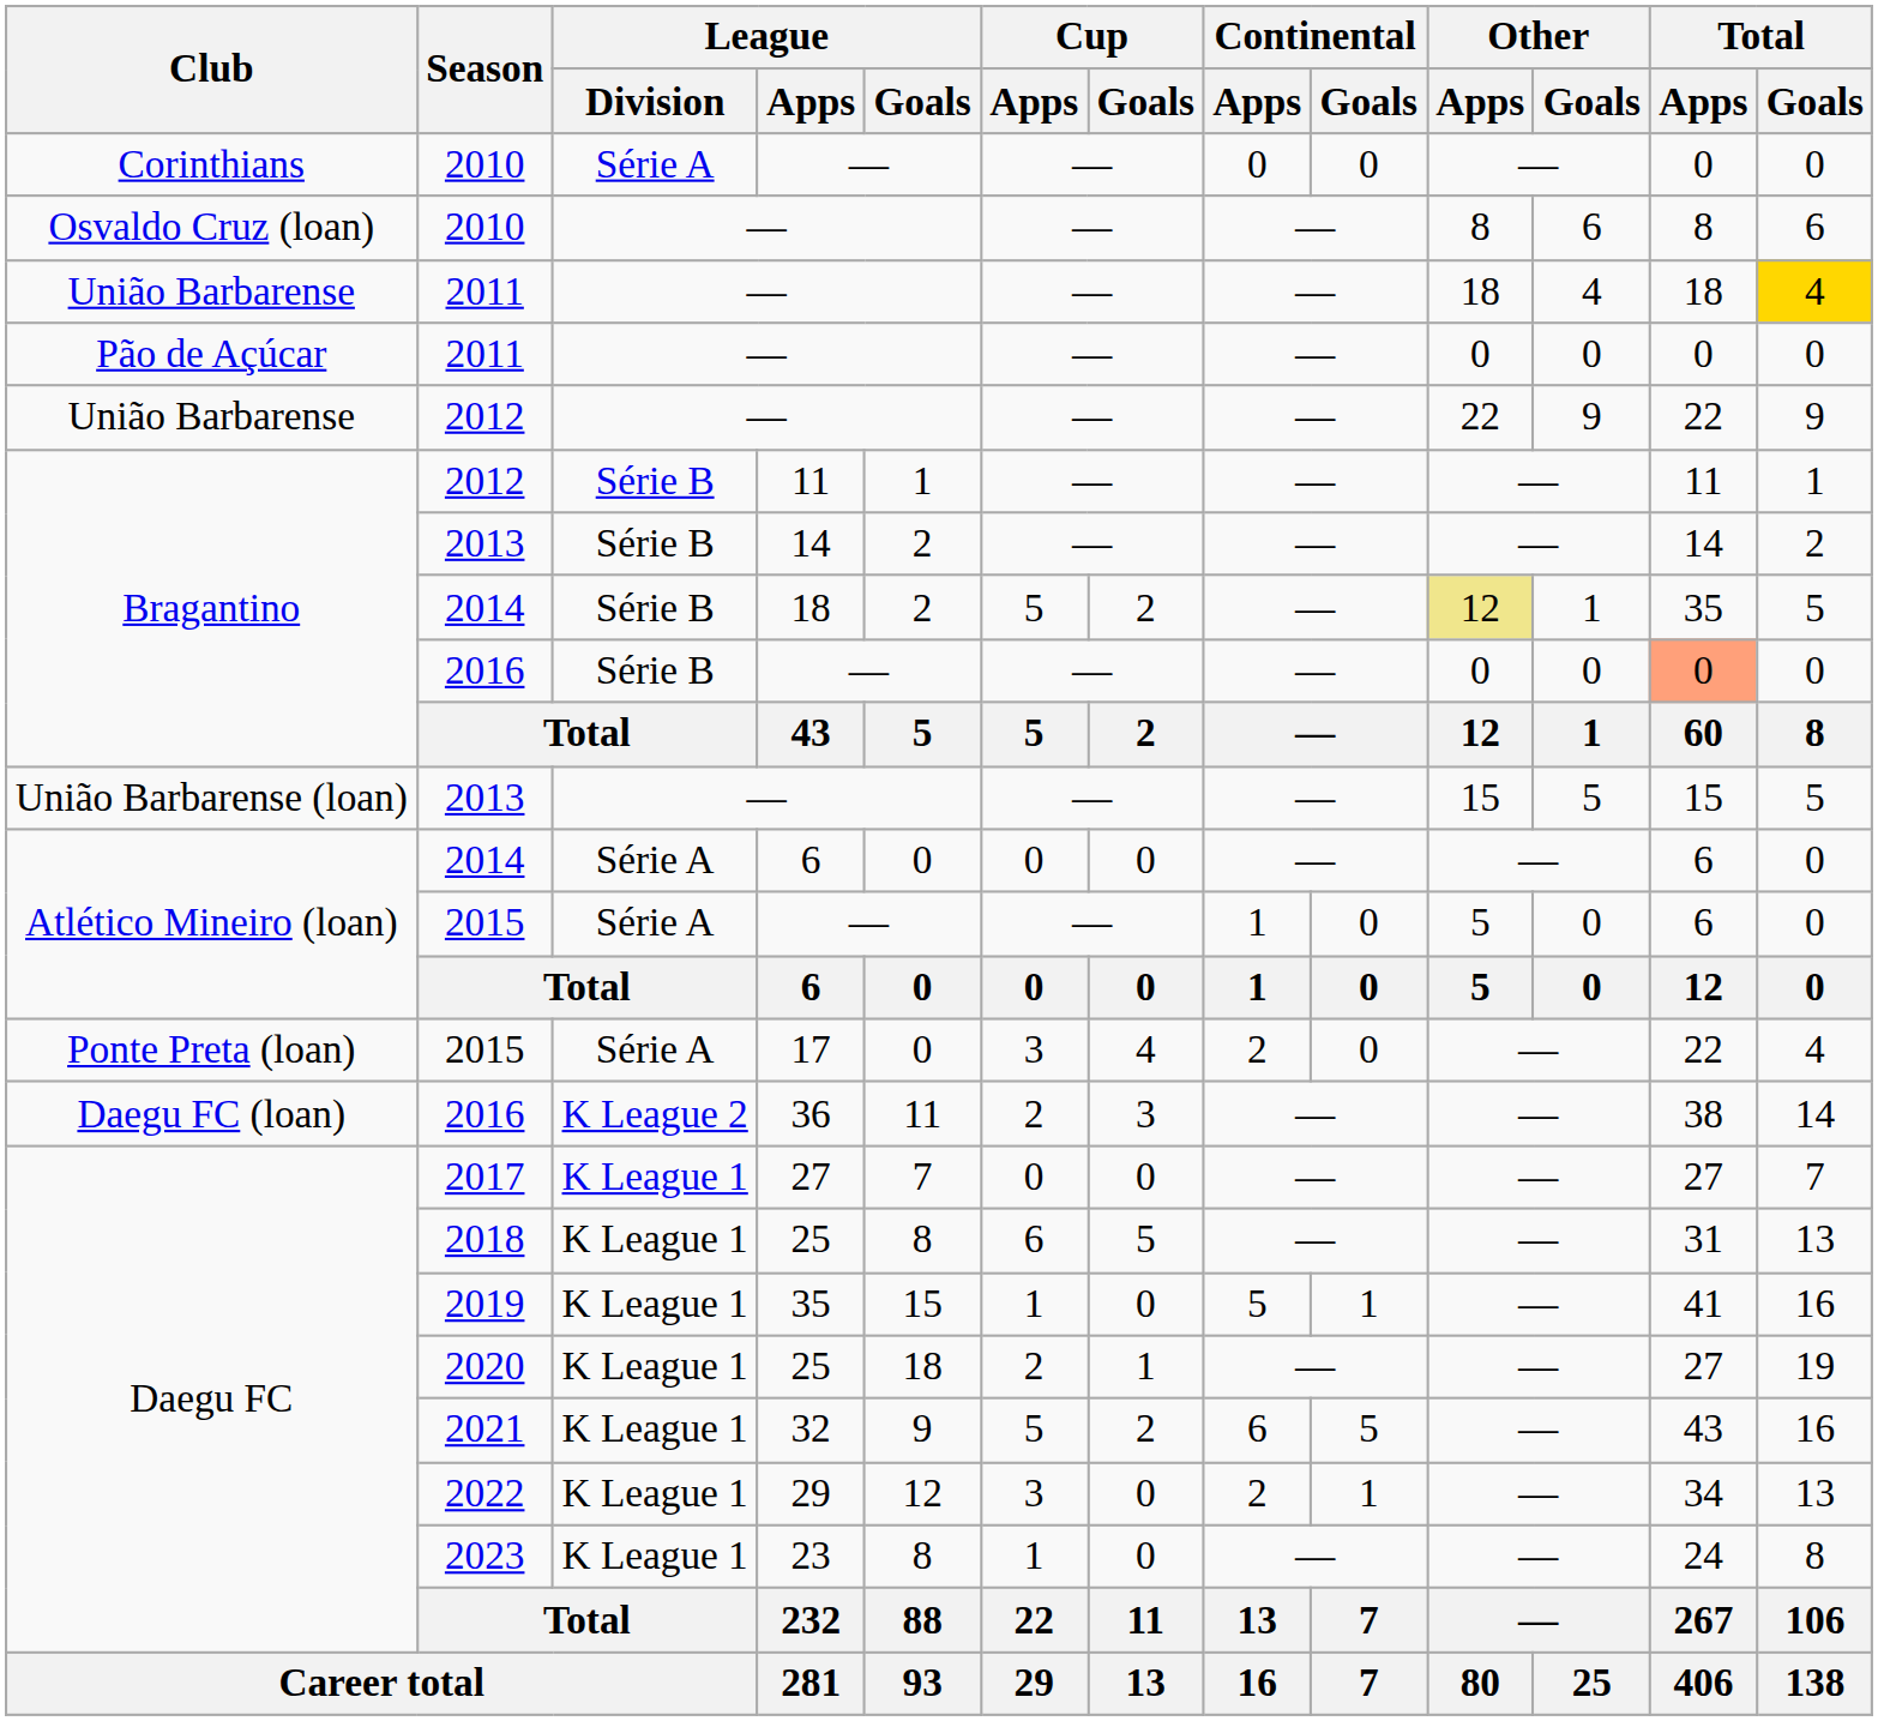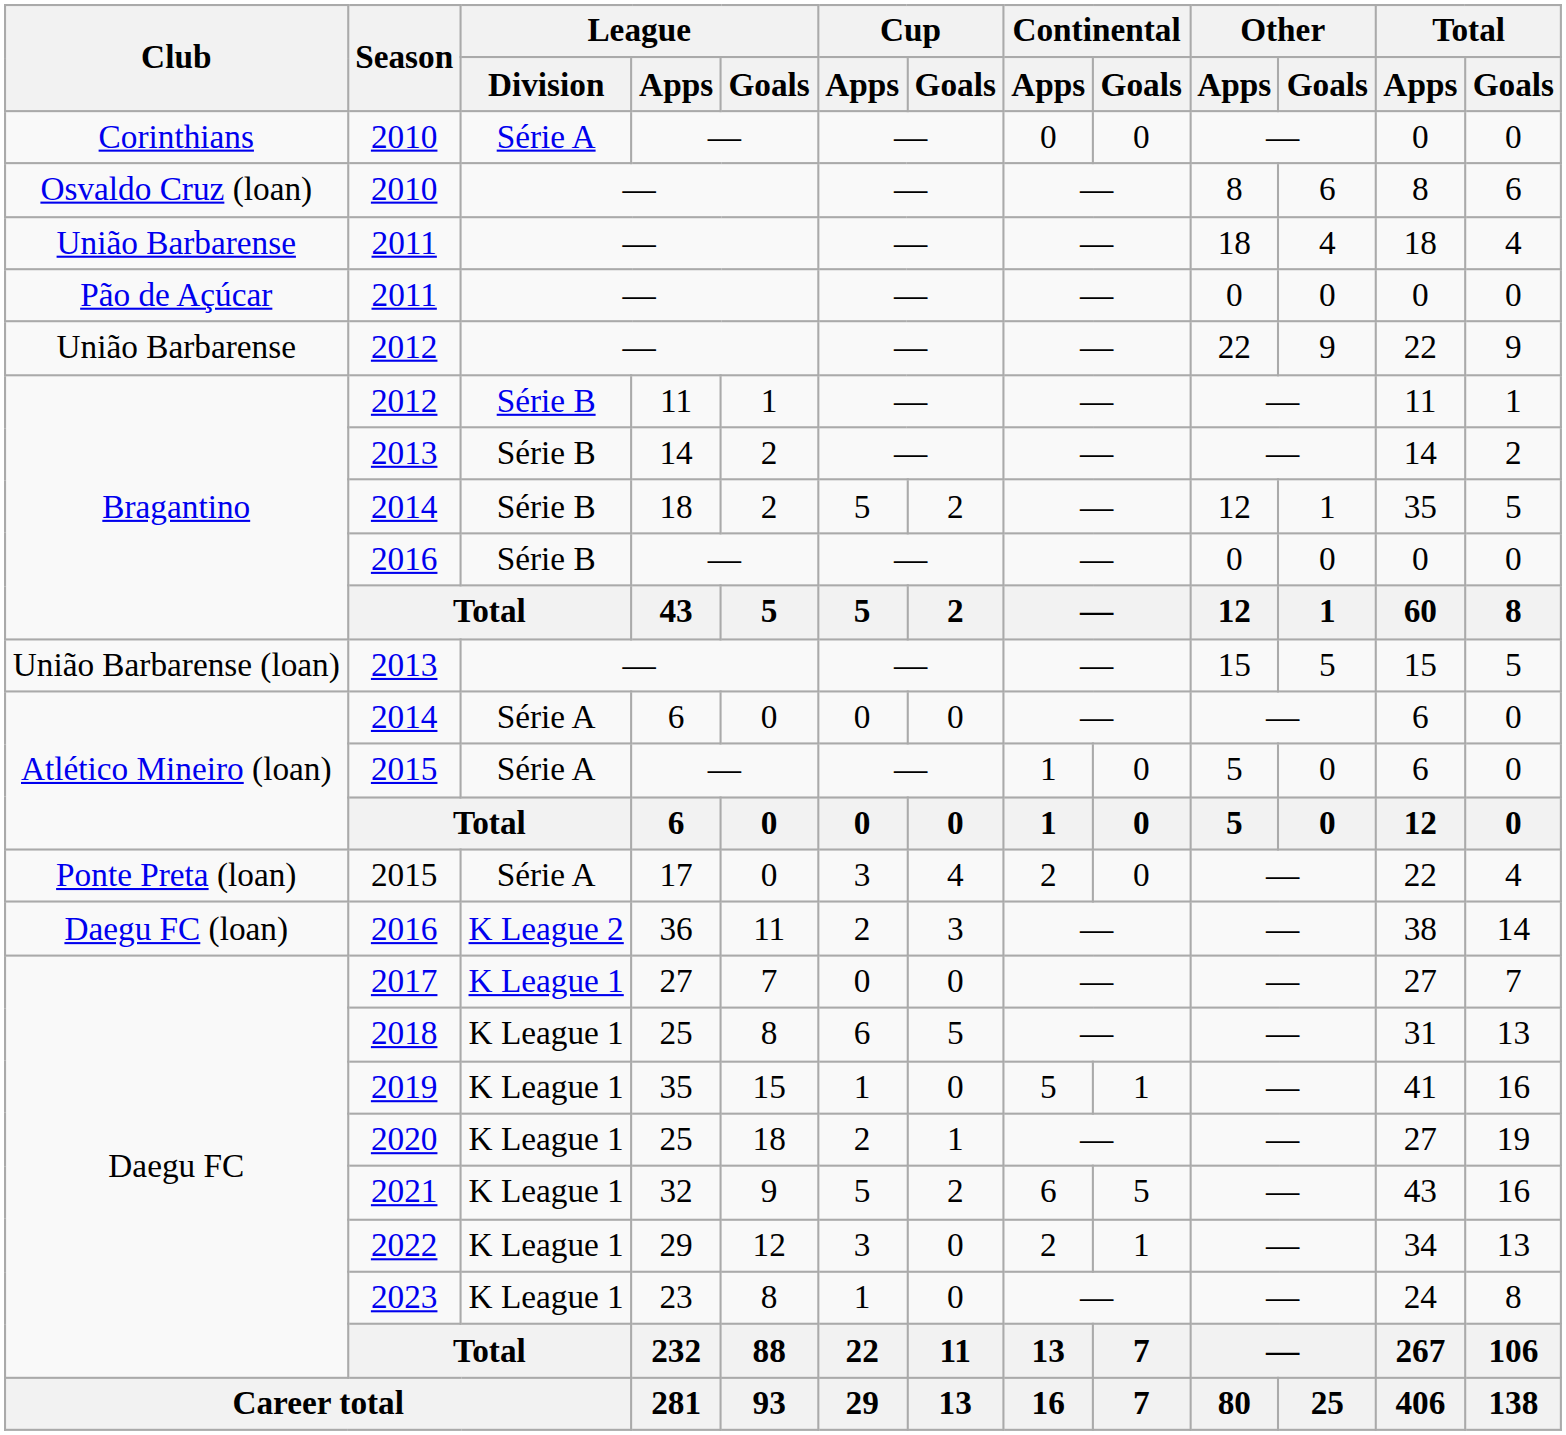 <table class="wikitable" style="text-align:center">
 <tr>
 <th rowspan="2">Club</th>
 <th rowspan="2">Season</th>
 <th colspan="3">League</th>
 <th colspan="2">Cup</th>
 <th colspan="2">Continental</th>
 <th colspan="2">Other</th>
 <th colspan="2">Total</th>
 </tr>
 <tr>
 <th>Division</th>
 <th>Apps</th>
 <th>Goals</th>
 <th>Apps</th>
 <th>Goals</th>
 <th>Apps</th>
 <th>Goals</th>
 <th>Apps</th>
 <th>Goals</th>
 <th>Apps</th>
 <th>Goals</th>
 </tr>
 <tr>
 <td><a href='#'>Corinthians</a></td>
 <td><a href='#'>2010</a></td>
 <td><a href='#'>Série A</a></td>
 <td colspan="2">—</td>
 <td colspan="2">—</td>
 <td>0</td>
 <td>0</td>
 <td colspan="2">—</td>
 <td>0</td>
 <td>0</td>
 </tr>
 <tr>
 <td><a href='#'>Osvaldo Cruz</a> (loan)</td>
 <td><a href='#'>2010</a></td>
 <td colspan="3">—</td>
 <td colspan="2">—</td>
 <td colspan="2">—</td>
 <td>8</td>
 <td>6</td>
 <td>8</td>
 <td>6</td>
 </tr>
 <tr>
 <td><a href='#'>União Barbarense</a></td>
 <td><a href='#'>2011</a></td>
 <td colspan="3">—</td>
 <td colspan="2">—</td>
 <td colspan="2">—</td>
 <td>18</td>
 <td>4</td>
 <td>18</td>
-<td style="background: gold;">4</td>
+<td>4</td>
 </tr>
 <tr>
 <td><a href='#'>Pão de Açúcar</a></td>
 <td><a href='#'>2011</a></td>
 <td colspan="3">—</td>
 <td colspan="2">—</td>
 <td colspan="2">—</td>
 <td>0</td>
 <td>0</td>
 <td>0</td>
 <td>0</td>
 </tr>
 <tr>
 <td>União Barbarense</td>
 <td><a href='#'>2012</a></td>
 <td colspan="3">—</td>
 <td colspan="2">—</td>
 <td colspan="2">—</td>
 <td>22</td>
 <td>9</td>
 <td>22</td>
 <td>9</td>
 </tr>
 <tr>
 <td rowspan="5"><a href='#'>Bragantino</a></td>
 <td><a href='#'>2012</a></td>
 <td><a href='#'>Série B</a></td>
 <td>11</td>
 <td>1</td>
 <td colspan="2">—</td>
 <td colspan="2">—</td>
 <td colspan="2">—</td>
 <td>11</td>
 <td>1</td>
 </tr>
 <tr>
 <td><a href='#'>2013</a></td>
 <td>Série B</td>
 <td>14</td>
 <td>2</td>
 <td colspan="2">—</td>
 <td colspan="2">—</td>
 <td colspan="2">—</td>
 <td>14</td>
 <td>2</td>
 </tr>
 <tr>
 <td><a href='#'>2014</a></td>
 <td>Série B</td>
 <td>18</td>
 <td>2</td>
 <td>5</td>
 <td>2</td>
 <td colspan="2">—</td>
-<td style="background: khaki;">12</td>
+<td>12</td>
 <td>1</td>
 <td>35</td>
 <td>5</td>
 </tr>
 <tr>
 <td><a href='#'>2016</a></td>
 <td>Série B</td>
 <td colspan="2">—</td>
 <td colspan="2">—</td>
 <td colspan="2">—</td>
 <td>0</td>
 <td>0</td>
-<td style="background: lightsalmon;">0</td>
+<td>0</td>
 <td>0</td>
 </tr>
 <tr>
 <th colspan="2">Total</th>
 <th>43</th>
 <th>5</th>
 <th>5</th>
 <th>2</th>
 <th colspan="2">—</th>
 <th>12</th>
 <th>1</th>
 <th>60</th>
 <th>8</th>
 </tr>
 <tr>
 <td>União Barbarense (loan)</td>
 <td><a href='#'>2013</a></td>
 <td colspan="3">—</td>
 <td colspan="2">—</td>
 <td colspan="2">—</td>
 <td>15</td>
 <td>5</td>
 <td>15</td>
 <td>5</td>
 </tr>
 <tr>
 <td rowspan="3"><a href='#'>Atlético Mineiro</a> (loan)</td>
 <td><a href='#'>2014</a></td>
 <td>Série A</td>
 <td>6</td>
 <td>0</td>
 <td>0</td>
 <td>0</td>
 <td colspan="2">—</td>
 <td colspan="2">—</td>
 <td>6</td>
 <td>0</td>
 </tr>
 <tr>
 <td><a href='#'>2015</a></td>
 <td>Série A</td>
 <td colspan="2">—</td>
 <td colspan="2">—</td>
 <td>1</td>
 <td>0</td>
 <td>5</td>
 <td>0</td>
 <td>6</td>
 <td>0</td>
 </tr>
 <tr>
 <th colspan="2">Total</th>
 <th>6</th>
 <th>0</th>
 <th>0</th>
 <th>0</th>
 <th>1</th>
 <th>0</th>
 <th>5</th>
 <th>0</th>
 <th>12</th>
 <th>0</th>
 </tr>
 <tr>
 <td><a href='#'>Ponte Preta</a> (loan)</td>
 <td>2015</td>
 <td>Série A</td>
 <td>17</td>
 <td>0</td>
 <td>3</td>
 <td>4</td>
 <td>2</td>
 <td>0</td>
 <td colspan="2">—</td>
 <td>22</td>
 <td>4</td>
 </tr>
 <tr>
 <td><a href='#'>Daegu FC</a> (loan)</td>
 <td><a href='#'>2016</a></td>
 <td><a href='#'>K League 2</a></td>
 <td>36</td>
 <td>11</td>
 <td>2</td>
 <td>3</td>
 <td colspan="2">—</td>
 <td colspan="2">—</td>
 <td>38</td>
 <td>14</td>
 </tr>
 <tr>
 <td rowspan="8">Daegu FC</td>
 <td><a href='#'>2017</a></td>
 <td><a href='#'>K League 1</a></td>
 <td>27</td>
 <td>7</td>
 <td>0</td>
 <td>0</td>
 <td colspan="2">—</td>
 <td colspan="2">—</td>
 <td>27</td>
 <td>7</td>
 </tr>
 <tr>
 <td><a href='#'>2018</a></td>
 <td>K League 1</td>
 <td>25</td>
 <td>8</td>
 <td>6</td>
 <td>5</td>
 <td colspan="2">—</td>
 <td colspan="2">—</td>
 <td>31</td>
 <td>13</td>
 </tr>
 <tr>
 <td><a href='#'>2019</a></td>
 <td>K League 1</td>
 <td>35</td>
 <td>15</td>
 <td>1</td>
 <td>0</td>
 <td>5</td>
 <td>1</td>
 <td colspan="2">—</td>
 <td>41</td>
 <td>16</td>
 </tr>
 <tr>
 <td><a href='#'>2020</a></td>
 <td>K League 1</td>
 <td>25</td>
 <td>18</td>
 <td>2</td>
 <td>1</td>
 <td colspan="2">—</td>
 <td colspan="2">—</td>
 <td>27</td>
 <td>19</td>
 </tr>
 <tr>
 <td><a href='#'>2021</a></td>
 <td>K League 1</td>
 <td>32</td>
 <td>9</td>
 <td>5</td>
 <td>2</td>
 <td>6</td>
 <td>5</td>
 <td colspan="2">—</td>
 <td>43</td>
 <td>16</td>
 </tr>
 <tr>
 <td><a href='#'>2022</a></td>
 <td>K League 1</td>
 <td>29</td>
 <td>12</td>
 <td>3</td>
 <td>0</td>
 <td>2</td>
 <td>1</td>
 <td colspan="2">—</td>
 <td>34</td>
 <td>13</td>
 </tr>
 <tr>
 <td><a href='#'>2023</a></td>
 <td>K League 1</td>
 <td>23</td>
 <td>8</td>
 <td>1</td>
 <td>0</td>
 <td colspan="2">—</td>
 <td colspan="2">—</td>
 <td>24</td>
 <td>8</td>
 </tr>
 <tr>
 <th colspan="2">Total</th>
 <th>232</th>
 <th>88</th>
 <th>22</th>
 <th>11</th>
 <th>13</th>
 <th>7</th>
 <th colspan="2">—</th>
 <th>267</th>
 <th>106</th>
 </tr>
 <tr>
 <th colspan="3">Career total</th>
 <th>281</th>
 <th>93</th>
 <th>29</th>
 <th>13</th>
 <th>16</th>
 <th>7</th>
 <th>80</th>
 <th>25</th>
 <th>406</th>
 <th>138</th>
 </tr>
 </table>
